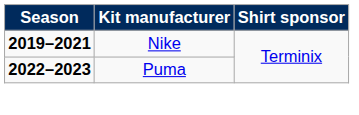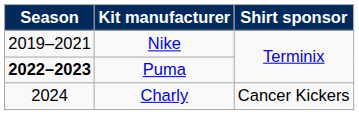 <table class="wikitable" style="text-align: center">
 <tr>
 <th style="background:#002A5C; color:#ffffff;">Season</th>
 <th style="background:#002A5C; color:#ffffff;">Kit manufacturer</th>
 <th style="background:#002A5C; color:#ffffff;">Shirt sponsor</th>
 </tr>
 <tr>
-<td><strong>2019–2021</strong></td>
+<td>2019–2021</td>
 <td><a href='#'>Nike</a></td>
 <td rowspan=2><a href='#'>Terminix</a></td>
 </tr>
 <tr>
 <td><strong>2022–2023</strong></td>
 <td><a href='#'>Puma</a></td>
 </tr>
+<tr>
+<td>2024</td>
+<td><a href='#'>Charly</a></td>
+<td>Cancer Kickers</td>
+</tr>
 </table>
